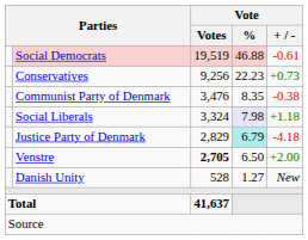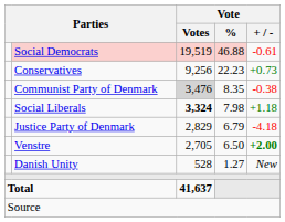 <table class="wikitable" style="text-align:right;">
 <tr>
 <th style="text-align:centre;" rowspan="2" colspan="2" width="225">Parties</th>
 <th colspan="3">Vote</th>
 </tr>
 <tr>
 <th width="15">Votes</th>
 <th width="15">%</th>
 <th width="15">+ / -</th>
 </tr>
 <tr>
 <td width="2" style="color:inherit;background:"></td>
 <td bgcolor=#fbd0ce  align="left"><a href='#'>Social Democrats</a></td>
 <td bgcolor=#fbd0ce>19,519</td>
 <td bgcolor=#fbd0ce>46.88</td>
 <td style=color:red;>-0.61</td>
 </tr>
 <tr>
 <td width="2" style="color:inherit;background:"></td>
 <td align="left"><a href='#'>Conservatives</a></td>
 <td>9,256</td>
 <td>22.23</td>
 <td style=color:green;>+0.73</td>
 </tr>
 <tr>
 <td width="2" style="color:inherit;background:"></td>
 <td align="left"><a href='#'>Communist Party of Denmark</a></td>
-<td>3,476</td>
+<td style="background: lightgrey;">3,476</td>
 <td>8.35</td>
 <td style=color:red;>-0.38</td>
 </tr>
 <tr>
 <td width="2" style="color:inherit;background:"></td>
 <td align="left"><a href='#'>Social Liberals</a></td>
-<td>3,324</td>
-<td style="background: lavender;">7.98</td>
+<td><strong>3,324</strong></td>
+<td>7.98</td>
 <td style=color:green;>+1.18</td>
 </tr>
 <tr>
 <td width="2" style="color:inherit;background:"></td>
 <td align="left"><a href='#'>Justice Party of Denmark</a></td>
 <td>2,829</td>
-<td style="background: paleturquoise;">6.79</td>
+<td>6.79</td>
 <td style=color:red;>-4.18</td>
 </tr>
 <tr>
 <td width="2" style="color:inherit;background:"></td>
 <td align="left"><a href='#'>Venstre</a></td>
-<td><strong>2,705</strong></td>
+<td>2,705</td>
 <td>6.50</td>
-<td style=color:green;>+2.00</td>
+<td style=color:green;><strong>+2.00</strong></td>
 </tr>
 <tr>
 <td width="2" style="color:inherit;background:"></td>
 <td align="left"><a href='#'>Danish Unity</a></td>
 <td>528</td>
 <td>1.27</td>
 <td><em>New</em></td>
 </tr>
 <tr>
 <td colspan="7" bgcolor="#E9E9E9"></td>
 </tr>
 <tr>
 <td align="left" colspan="2"><strong>Total</strong></td>
 <td><strong>41,637</strong></td>
 <td bgcolor="#E9E9E9" colspan="2"></td>
 </tr>
 <tr>
 <td align="left" colspan="6">Source</td>
 </tr>
 </table>
